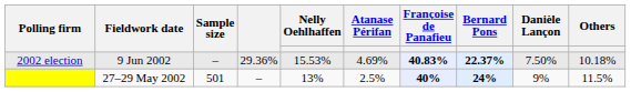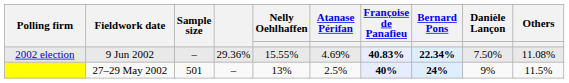 <table class="wikitable sortable" style="text-align:center;font-size:90%;line-height:14px;">
 <tr style="height:40px;">
 <th style="width:100px;" rowspan="2">Polling firm</th>
 <th style="width:110px;" rowspan="2">Fieldwork date</th>
 <th style="width:35px;" rowspan="2">Sample<br>size</th>
 <th style="width:30px;" rowspan="2"></th>
 <th class="unsortable" style="width:60px;">Nelly Oehlhaffen<br></th>
 <th class="unsortable" style="width:60px;"><a href='#'>Atanase Périfan</a><br></th>
 <th class="unsortable" style="width:60px;"><a href='#'>Françoise de Panafieu</a><br></th>
 <th class="unsortable" style="width:60px;"><a href='#'>Bernard Pons</a><br></th>
 <th class="unsortable" style="width:60px;">Danièle Lançon<br></th>
 <th class="unsortable" style="width:60px;">Others</th>
 </tr>
 <tr>
 <th style="background:"></th>
 <th style="background:"></th>
 <th style="background:"></th>
 <th style="background:"></th>
 <th style="background:"></th>
 <th style="background:"></th>
 </tr>
 <tr style="background:#E9E9E9;">
 <td><a href='#'>2002 election</a></td>
 <td data-sort-value="2002-06-09">9 Jun 2002</td>
 <td>–</td>
 <td>29.36%</td>
-<td>15.53%</td>
+<td>15.55%</td>
 <td>4.69%</td>
 <td style="background:#E7EDFE;"><strong>40.83%</strong></td>
-<td style="background:#DFEEFF;"><strong>22.37%</strong></td>
+<td style="background:#DFEEFF;"><strong>22.34%</strong></td>
 <td>7.50%</td>
-<td>10.18%</td>
+<td>11.08%</td>
 </tr>
 <tr>
 <td style="background:yellow;"></td>
 <td data-sort-value="2002-05-29">27–29 May 2002</td>
 <td>501</td>
 <td>–</td>
 <td>13%</td>
 <td>2.5%</td>
 <td style="background:#E7EDFE;"><strong>40%</strong></td>
 <td style="background:#DFEEFF;"><strong>24%</strong></td>
 <td>9%</td>
 <td>11.5%</td>
 </tr>
 </table>
